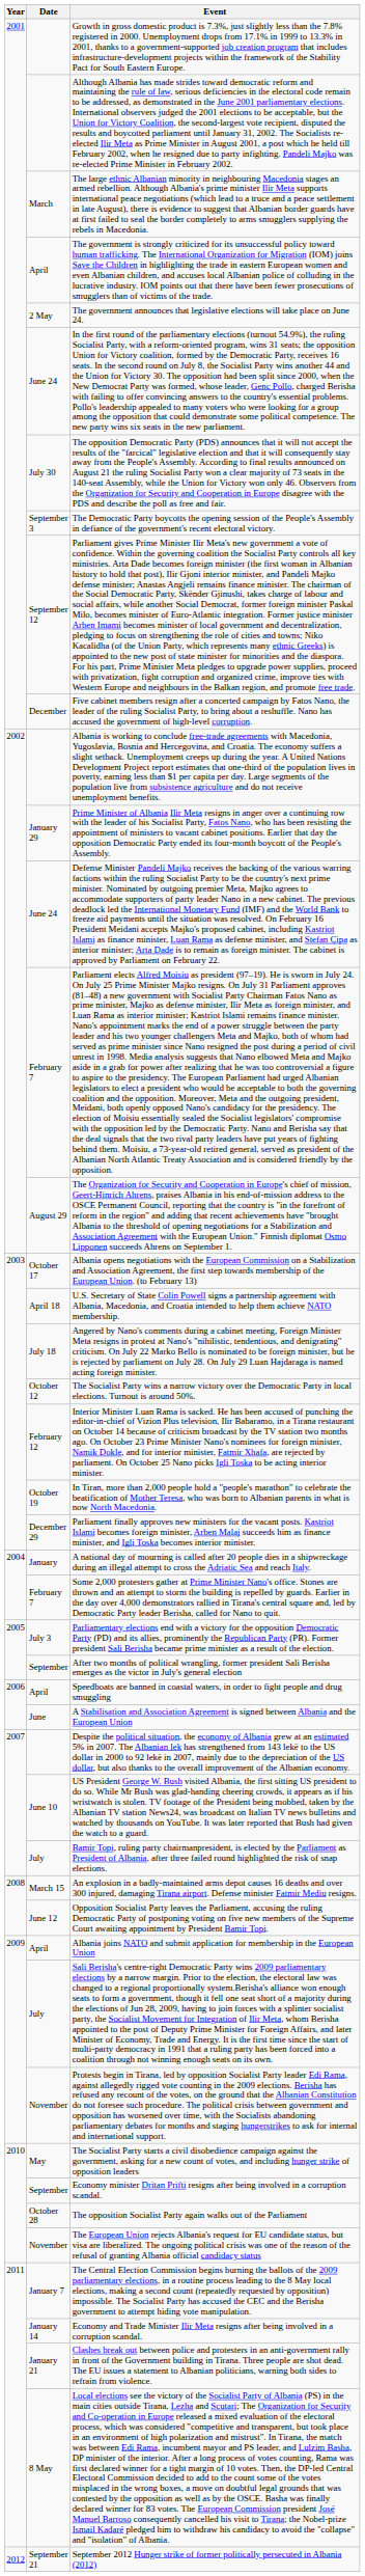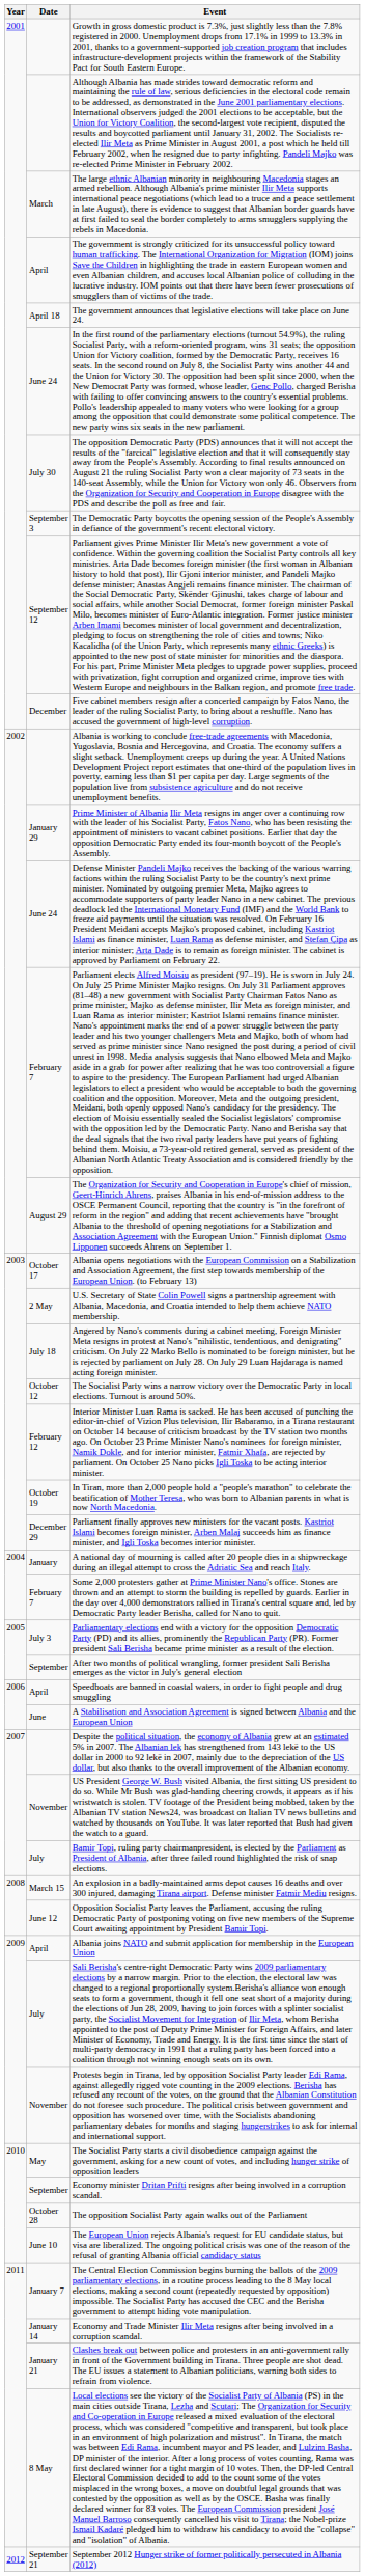 <table class="wikitable" width="100%">
 <tr>
 <th style="width:6%">Year</th>
 <th style="width:10%">Date</th>
 <th>Event</th>
 </tr>
 <tr>
 <td rowspan="10" valign="top"><a href='#'>2001</a></td>
 <td></td>
 <td>Growth in gross domestic product is 7.3%, just slightly less than the 7.8% registered in 2000. Unemployment drops from 17.1% in 1999 to 13.3% in 2001, thanks to a government-supported <a href='#'>job creation program</a> that includes infrastructure-development projects within the framework of the Stability Pact for South Eastern Europe.</td>
 </tr>
 <tr>
 <td></td>
 <td>Although Albania has made strides toward democratic reform and maintaining the <a href='#'>rule of law</a>, serious deficiencies in the electoral code remain to be addressed, as demonstrated in the <a href='#'>June 2001 parliamentary elections</a>. International observers judged the 2001 elections to be acceptable, but the <a href='#'>Union for Victory Coalition</a>, the second-largest vote recipient, disputed the results and boycotted parliament until January 31, 2002. The Socialists re-elected <a href='#'>Ilir Meta</a> as Prime Minister in August 2001, a post which he held till February 2002, when he resigned due to party infighting. <a href='#'>Pandeli Majko</a> was re-elected Prime Minister in February 2002.</td>
 </tr>
 <tr>
 <td>March</td>
 <td>The large <a href='#'>ethnic Albanian</a> minority in neighbouring <a href='#'>Macedonia</a> stages an armed rebellion. Although Albania's prime minister <a href='#'>Ilir Meta</a> supports international peace negotiations (which lead to a truce and a peace settlement in late August), there is evidence to suggest that Albanian border guards have at first failed to seal the border completely to arms smugglers supplying the rebels in Macedonia.</td>
 </tr>
 <tr>
 <td>April</td>
 <td>The government is strongly criticized for its unsuccessful policy toward <a href='#'>human trafficking</a>. The <a href='#'>International Organization for Migration</a> (IOM) joins <a href='#'>Save the Children</a> in highlighting the trade in eastern European women and even Albanian children, and accuses local Albanian police of colluding in the lucrative industry. IOM points out that there have been fewer prosecutions of smugglers than of victims of the trade.</td>
 </tr>
 <tr>
-<td>2 May</td>
+<td>April 18</td>
 <td>The government announces that legislative elections will take place on June 24.</td>
 </tr>
 <tr>
 <td>June 24</td>
 <td>In the first round of the parliamentary elections (turnout 54.9%), the ruling Socialist Party, with a reform-oriented program, wins 31 seats; the opposition Union for Victory coalition, formed by the Democratic Party, receives 16 seats. In the second round on July 8, the Socialist Party wins another 44 and the Union for Victory 30. The opposition had been split since 2000, when the New Democrat Party was formed, whose leader, <a href='#'>Genc Pollo</a>, charged Berisha with failing to offer convincing answers to the country's essential problems. Pollo's leadership appealed to many voters who were looking for a group among the opposition that could demonstrate some political competence. The new party wins six seats in the new parliament.</td>
 </tr>
 <tr>
 <td>July 30</td>
 <td>The opposition Democratic Party (PDS) announces that it will not accept the results of the "farcical" legislative election and that it will consequently stay away from the People's Assembly. According to final results announced on August 21 the ruling Socialist Party won a clear majority of 73 seats in the 140-seat Assembly, while the Union for Victory won only 46. Observers from the <a href='#'>Organization for Security and Cooperation in Europe</a> disagree with the PDS and describe the poll as free and fair.</td>
 </tr>
 <tr>
 <td>September 3</td>
 <td>The Democratic Party boycotts the opening session of the People's Assembly in defiance of the government's recent electoral victory.</td>
 </tr>
 <tr>
 <td>September 12</td>
 <td>Parliament gives Prime Minister Ilir Meta's new government a vote of confidence. Within the governing coalition the Socialist Party controls all key ministries. Arta Dade becomes foreign minister (the first woman in Albanian history to hold that post), Ilir Gjoni interior minister, and Pandeli Majko defense minister; Anastas Angjeli remains finance minister. The chairman of the Social Democratic Party, Skënder Gjinushi, takes charge of labour and social affairs, while another Social Democrat, former foreign minister Paskal Milo, becomes minister of Euro-Atlantic integration. Former justice minister <a href='#'>Arben Imami</a> becomes minister of local government and decentralization, pledging to focus on strengthening the role of cities and towns; Niko Kacalidha (of the Union Party, which represents many <a href='#'>ethnic Greeks</a>) is appointed to the new post of state minister for minorities and the diaspora. For his part, Prime Minister Meta pledges to upgrade power supplies, proceed with privatization, fight corruption and organized crime, improve ties with Western Europe and neighbours in the Balkan region, and promote <a href='#'>free trade</a>.</td>
 </tr>
 <tr>
 <td>December</td>
 <td>Five cabinet members resign after a concerted campaign by Fatos Nano, the leader of the ruling Socialist Party, to bring about a reshuffle. Nano has accused the government of high-level <a href='#'>corruption</a>.</td>
 </tr>
 <tr>
 <td rowspan="5" valign="top">2002</td>
 <td></td>
 <td>Albania is working to conclude <a href='#'>free-trade agreements</a> with Macedonia, Yugoslavia, Bosnia and Hercegovina, and Croatia. The economy suffers a slight setback. Unemployment creeps up during the year. A United Nations Development Project report estimates that one-third of the population lives in poverty, earning less than $1 per capita per day. Large segments of the population live from <a href='#'>subsistence agriculture</a> and do not receive unemployment benefits.</td>
 </tr>
 <tr>
 <td>January 29</td>
 <td><a href='#'>Prime Minister of Albania</a> <a href='#'>Ilir Meta</a>  resigns in anger over a continuing row with the leader of his Socialist Party, <a href='#'>Fatos Nano</a>, who has been resisting the appointment of ministers to vacant cabinet positions. Earlier that day the opposition Democratic Party ended its four-month boycott of the People's Assembly.</td>
 </tr>
 <tr>
 <td>June 24</td>
 <td>Defense Minister <a href='#'>Pandeli Majko</a> receives the backing of the various warring factions within the ruling Socialist Party to be the country's next prime minister. Nominated by outgoing premier Meta, Majko agrees to accommodate supporters of party leader Nano in a new cabinet. The previous deadlock led the <a href='#'>International Monetary Fund</a> (IMF) and the <a href='#'>World Bank</a> to freeze aid payments until the situation was resolved. On February 16 President Meidani accepts Majko's proposed cabinet, including <a href='#'>Kastriot Islami</a> as finance minister, <a href='#'>Luan Rama</a> as defense minister, and <a href='#'>Stefan Çipa</a> as interior minister; <a href='#'>Arta Dade</a> is to remain as foreign minister. The cabinet is approved by Parliament on February 22.</td>
 </tr>
 <tr>
 <td>February 7</td>
 <td>Parliament elects <a href='#'>Alfred Moisiu</a> as president (97–19). He is sworn in July 24. On July 25 Prime Minister Majko resigns. On July 31 Parliament approves (81–48) a new government with Socialist Party Chairman Fatos Nano as prime minister, Majko as defense minister, Ilir Meta as foreign minister, and Luan Rama as interior minister; Kastriot Islami remains finance minister. Nano's appointment marks the end of a power struggle between the party leader and his two younger challengers Meta and Majko, both of whom had served as prime minister since Nano resigned the post during a period of civil unrest in 1998. Media analysis suggests that Nano elbowed Meta and Majko aside in a grab for power after realizing that he was too controversial a figure to aspire to the presidency. The European Parliament had urged Albanian legislators to elect a president who would be acceptable to both the governing coalition and the opposition. Moreover, Meta and the outgoing president, Meidani, both openly opposed Nano's candidacy for the presidency. The election of Moisiu essentially sealed the Socialist legislators' compromise with the opposition led by the Democratic Party. Nano and Berisha say that the deal signals that the two rival party leaders have put years of fighting behind them. Moisiu, a 73-year-old retired general, served as president of the Albanian North Atlantic Treaty Association and is considered friendly by the opposition.</td>
 </tr>
 <tr>
 <td>August 29</td>
 <td>The <a href='#'>Organization for Security and Cooperation in Europe</a>'s chief of mission, <a href='#'>Geert-Hinrich Ahrens</a>, praises Albania in his end-of-mission address to the OSCE Permanent Council, reporting that the country is "in the forefront of reform in the region" and adding that recent achievements have "brought Albania to the threshold of opening negotiations for a Stabilization and <a href='#'>Association Agreement</a> with the European Union." Finnish diplomat <a href='#'>Osmo Lipponen</a> succeeds Ahrens on September 1.</td>
 </tr>
 <tr>
 <td rowspan="7" valign="top">2003</td>
 <td>October 17</td>
 <td>Albania opens negotiations with the <a href='#'>European Commission</a> on a Stabilization and Association Agreement, the first step towards membership of the <a href='#'>European Union</a>. (to February 13)</td>
 </tr>
 <tr>
-<td>April 18</td>
+<td>2 May</td>
 <td>U.S. Secretary of State <a href='#'>Colin Powell</a> signs a partnership agreement with Albania, Macedonia, and Croatia intended to help them achieve <a href='#'>NATO</a> membership.</td>
 </tr>
 <tr>
 <td>July 18</td>
 <td>Angered by Nano's comments during a cabinet meeting, Foreign Minister Meta resigns in protest at Nano's "nihilistic, tendentious, and denigrating" criticism. On July 22 Marko Bello is nominated to be foreign minister, but he is rejected by parliament on July 28. On July 29 Luan Hajdaraga is named acting foreign minister.</td>
 </tr>
 <tr>
 <td>October 12</td>
 <td>The Socialist Party wins a narrow victory over the Democratic Party in local elections. Turnout is around 50%.</td>
 </tr>
 <tr>
 <td>February 12</td>
 <td>Interior Minister Luan Rama is sacked. He has been accused of punching the editor-in-chief of Vizion Plus television, Ilir Babaramo, in a Tirana restaurant on October 14 because of criticism broadcast by the TV station two months ago. On October 23 Prime Minister Nano's nominees for foreign minister, <a href='#'>Namik Dokle</a>, and for interior minister, <a href='#'>Fatmir Xhafa</a>, are rejected by parliament. On October 25 Nano picks <a href='#'>Igli Toska</a> to be acting interior minister.</td>
 </tr>
 <tr>
 <td>October 19</td>
 <td>In Tiran, more than 2,000 people hold a "people's marathon" to celebrate the beatification of <a href='#'>Mother Teresa</a>, who was born to Albanian parents in what is now <a href='#'>North Macedonia</a>.</td>
 </tr>
 <tr>
 <td>December 29</td>
 <td>Parliament finally approves new ministers for the vacant posts. <a href='#'>Kastriot Islami</a> becomes foreign minister, <a href='#'>Arben Malaj</a> succeeds him as finance minister, and <a href='#'>Igli Toska</a> becomes interior minister.</td>
 </tr>
 <tr>
 <td rowspan="2" valign="top">2004</td>
 <td>January</td>
 <td>A national day of mourning is called after 20 people dies in a shipwreckage during an illegal attempt to cross the <a href='#'>Adriatic Sea</a> and reach <a href='#'>Italy</a>.</td>
 </tr>
 <tr>
 <td>February 7</td>
 <td>Some 2,000 protesters gather at <a href='#'>Prime Minister Nano</a>'s office. Stones are thrown and an attempt to storm the building is repelled by guards. Earlier in the day over 4,000 demonstrators rallied in Tirana's central square and, led by Democratic Party leader Berisha, called for Nano to quit.</td>
 </tr>
 <tr>
 <td rowspan="2" valign="top">2005</td>
 <td>July 3</td>
 <td><a href='#'>Parliamentary elections</a> end with a victory for the opposition <a href='#'>Democratic Party</a> (PD) and its allies, prominently the <a href='#'>Republican Party</a> (PR). Former president <a href='#'>Sali Berisha</a> became prime minister as a result of the election.</td>
 </tr>
 <tr>
 <td>September</td>
 <td>After two months of political wrangling, former president Sali Berisha emerges as the victor in July's general election</td>
 </tr>
 <tr>
 <td rowspan="2" valign="top">2006</td>
 <td>April</td>
 <td>Speedboats are banned in coastal waters, in order to fight people and drug smuggling</td>
 </tr>
 <tr>
 <td>June</td>
 <td>A <a href='#'>Stabilisation and Association Agreement</a> is signed between <a href='#'>Albania</a> and the <a href='#'>European Union</a></td>
 </tr>
 <tr>
 <td rowspan="3" valign="top">2007</td>
 <td></td>
 <td>Despite the <a href='#'>political situation</a>, the <a href='#'>economy of Albania</a> grew at an <a href='#'>estimated</a> 5% in 2007. The <a href='#'>Albanian lek</a> has strengthened from 143 lekë to the US dollar in 2000 to 92 lekë in 2007, mainly due to the depreciation of the <a href='#'>US dollar</a>, but also thanks to the overall improvement of the Albanian economy.</td>
 </tr>
 <tr>
-<td>June 10</td>
+<td>November</td>
 <td>US President <a href='#'>George W. Bush</a> visited Albania, the first sitting US president to do so. While Mr Bush was glad-handing cheering crowds, it appears as if his wristwatch is stolen.  TV footage of the President being mobbed, taken by the Albanian TV station News24, was broadcast on Italian TV news bulletins and watched by thousands on YouTube. It was later reported that Bush had given the watch to a guard.</td>
 </tr>
 <tr>
 <td>July</td>
 <td><a href='#'>Bamir Topi</a>, ruling party chairmanpresident, is elected by the <a href='#'>Parliament</a> as <a href='#'>President of Albania</a>, after three failed round highlighted the risk of snap elections.</td>
 </tr>
 <tr>
 <td rowspan="2" valign="top">2008</td>
 <td>March 15</td>
 <td>An explosion in a badly-maintained arms depot causes 16 deaths and over 300 injured,  damaging <a href='#'>Tirana airport</a>. Defense minister <a href='#'>Fatmir Mediu</a> resigns.</td>
 </tr>
 <tr>
 <td>June 12</td>
 <td>Opposition Socialist Party leaves the Parliament, accusing the ruling Democratic Party of postponing voting on five new members of the Supreme Court awaiting appointment by President <a href='#'>Bamir Topi</a>.</td>
 </tr>
 <tr>
 <td rowspan="3" valign="top">2009</td>
 <td>April</td>
 <td>Albania joins <a href='#'>NATO</a> and submit application for membership in the <a href='#'>European Union</a></td>
 </tr>
 <tr>
 <td>July</td>
 <td><a href='#'>Sali Berisha</a>'s centre-right Democratic Party wins <a href='#'>2009 parliamentary elections</a> by a narrow margin. Prior to the election, the electoral law was changed to a regional proportionally system.Berisha's alliance won enough seats to form a government, though it fell one seat short of a majority during the elections of Jun 28, 2009, having to join forces with a splinter socialist party, the <a href='#'>Socialist Movement for Integration</a> of <a href='#'>Ilir Meta</a>, whom Berisha appointed to the post of Deputy Prime Minister for Foreign Affairs, and later Minister of Economy, Trade and Energy. It is the first time since the start of multi-party democracy in 1991 that a ruling party has been forced into a coalition through not winning enough seats on its own.</td>
 </tr>
 <tr>
 <td>November</td>
 <td>Protests begin in Tirana, led by opposition Socialist Party leader <a href='#'>Edi Rama</a>, against allegedly rigged vote counting in the 2009 elections. <a href='#'>Berisha</a> has refused any recount of the votes, on the ground that the <a href='#'>Albanian Constitution</a> do not foresee such procedure. The political crisis between government and opposition has worsened over time, with the Socialists abandoning parliamentary debates for months and staging <a href='#'>hungerstrikes</a> to ask for internal and international support.</td>
 </tr>
 <tr>
 <td rowspan="4" valign="top">2010</td>
 <td>May</td>
 <td>The Socialist Party starts a civil disobedience campaign against the government, asking for a new count of votes, and including <a href='#'>hunger strike</a> of opposition leaders</td>
 </tr>
 <tr>
 <td>September</td>
 <td>Economy minister <a href='#'>Dritan Prifti</a> resigns after being involved in a corruption scandal.</td>
 </tr>
 <tr>
 <td>October 28</td>
 <td>The opposition Socialist Party again walks out of the Parliament</td>
 </tr>
 <tr>
-<td>November</td>
+<td>June 10</td>
 <td>The <a href='#'>European Union</a> rejects Albania's request for EU candidate status, but visa are liberalized. The ongoing political crisis was one of the reason of the refusal of granting Albania official <a href='#'>candidacy status</a></td>
 </tr>
 <tr>
 <td rowspan="4" valign="top">2011</td>
 <td>January 7</td>
 <td>The Central Election Commission begins burning the ballots of the <a href='#'>2009 parliamentary elections</a>, in a routine process leading to the 8 May local elections, making a second count (repeatedly requested by opposition) impossible. The Socialist Party has accused the CEC and the Berisha government to attempt hiding vote manipulation.</td>
 </tr>
 <tr>
 <td>January 14</td>
 <td>Economy and Trade Minister <a href='#'>Ilir Meta</a> resigns after being involved in a corruption scandal.</td>
 </tr>
 <tr>
 <td>January 21</td>
 <td><a href='#'>Clashes break out</a> between police and protesters in an anti-government rally in front of the Government building in Tirana. Three people are shot dead. The EU issues a statement to Albanian politicians, warning both sides to refrain from violence.</td>
 </tr>
 <tr>
 <td>8 May</td>
 <td><a href='#'>Local elections</a> see the victory of the <a href='#'>Socialist Party of Albania</a> (PS) in the main cities outside Tirana, <a href='#'>Lezha</a> and <a href='#'>Scutari</a>; The <a href='#'>Organization for Security and Co-operation in Europe</a> released a mixed evaluation of the electoral process, which was considered "competitive and transparent, but took place in an environment of high polarization and mistrust". In Tirana, the match was between <a href='#'>Edi Rama</a>, incumbent mayor and PS leader, and <a href='#'>Lulzim Basha</a>, DP minister of the interior. After a long process of votes counting, Rama was first declared winner for a tight margin of 10 votes. Then, the DP-led Central Electoral Commission decided to add to the count some of the votes misplaced in the wrong boxes, a move on doubtful legal grounds that was contested by the opposition as well as by the OSCE. Basha was finally declared winner for 83 votes. The <a href='#'>European Commission</a> president <a href='#'>José Manuel Barroso</a> consequently cancelled his visit to <a href='#'>Tirana</a>; the Nobel-prize <a href='#'>Ismail Kadaré</a> pledged him to withdraw his candidacy to avoid the "collapse" and "isolation" of Albania.</td>
 </tr>
 <tr>
 <td><a href='#'>2012</a></td>
 <td>September 21</td>
 <td>September 2012 <a href='#'>Hunger strike of former politically persecuted in Albania (2012)</a></td>
 </tr>
 </table>
